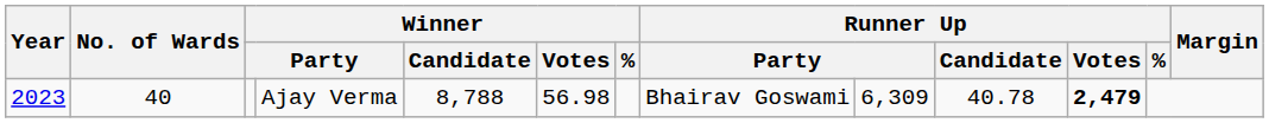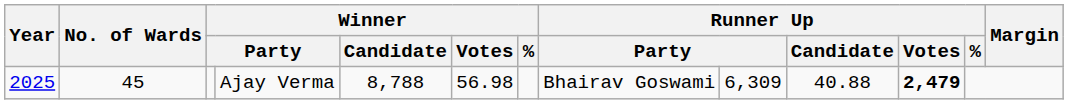 <table class="wikitable sortable" style="text-align:center;">
 <tr>
 <th rowspan="2">Year</th>
 <th rowspan="2">No. of Wards</th>
 <th colspan="5">Winner</th>
 <th colspan="5">Runner Up</th>
 <th rowspan="2">Margin</th>
 </tr>
 <tr>
 <th colspan="2">Party</th>
 <th>Candidate</th>
 <th>Votes</th>
 <th>%</th>
 <th colspan="2">Party</th>
 <th>Candidate</th>
 <th>Votes</th>
 <th>%</th>
 </tr>
 <tr>
-<td><a href='#'>2023</a></td>
-<td>40</td>
+<td><a href='#'>2025</a></td>
+<td>45</td>
 <td></td>
 <td>Ajay Verma</td>
 <td>8,788</td>
 <td>56.98</td>
 <td></td>
 <td>Bhairav Goswami</td>
 <td>6,309</td>
-<td>40.78</td>
+<td>40.88</td>
 <td style="background:"><strong>2,479</strong></td>
 </tr>
 </table>
